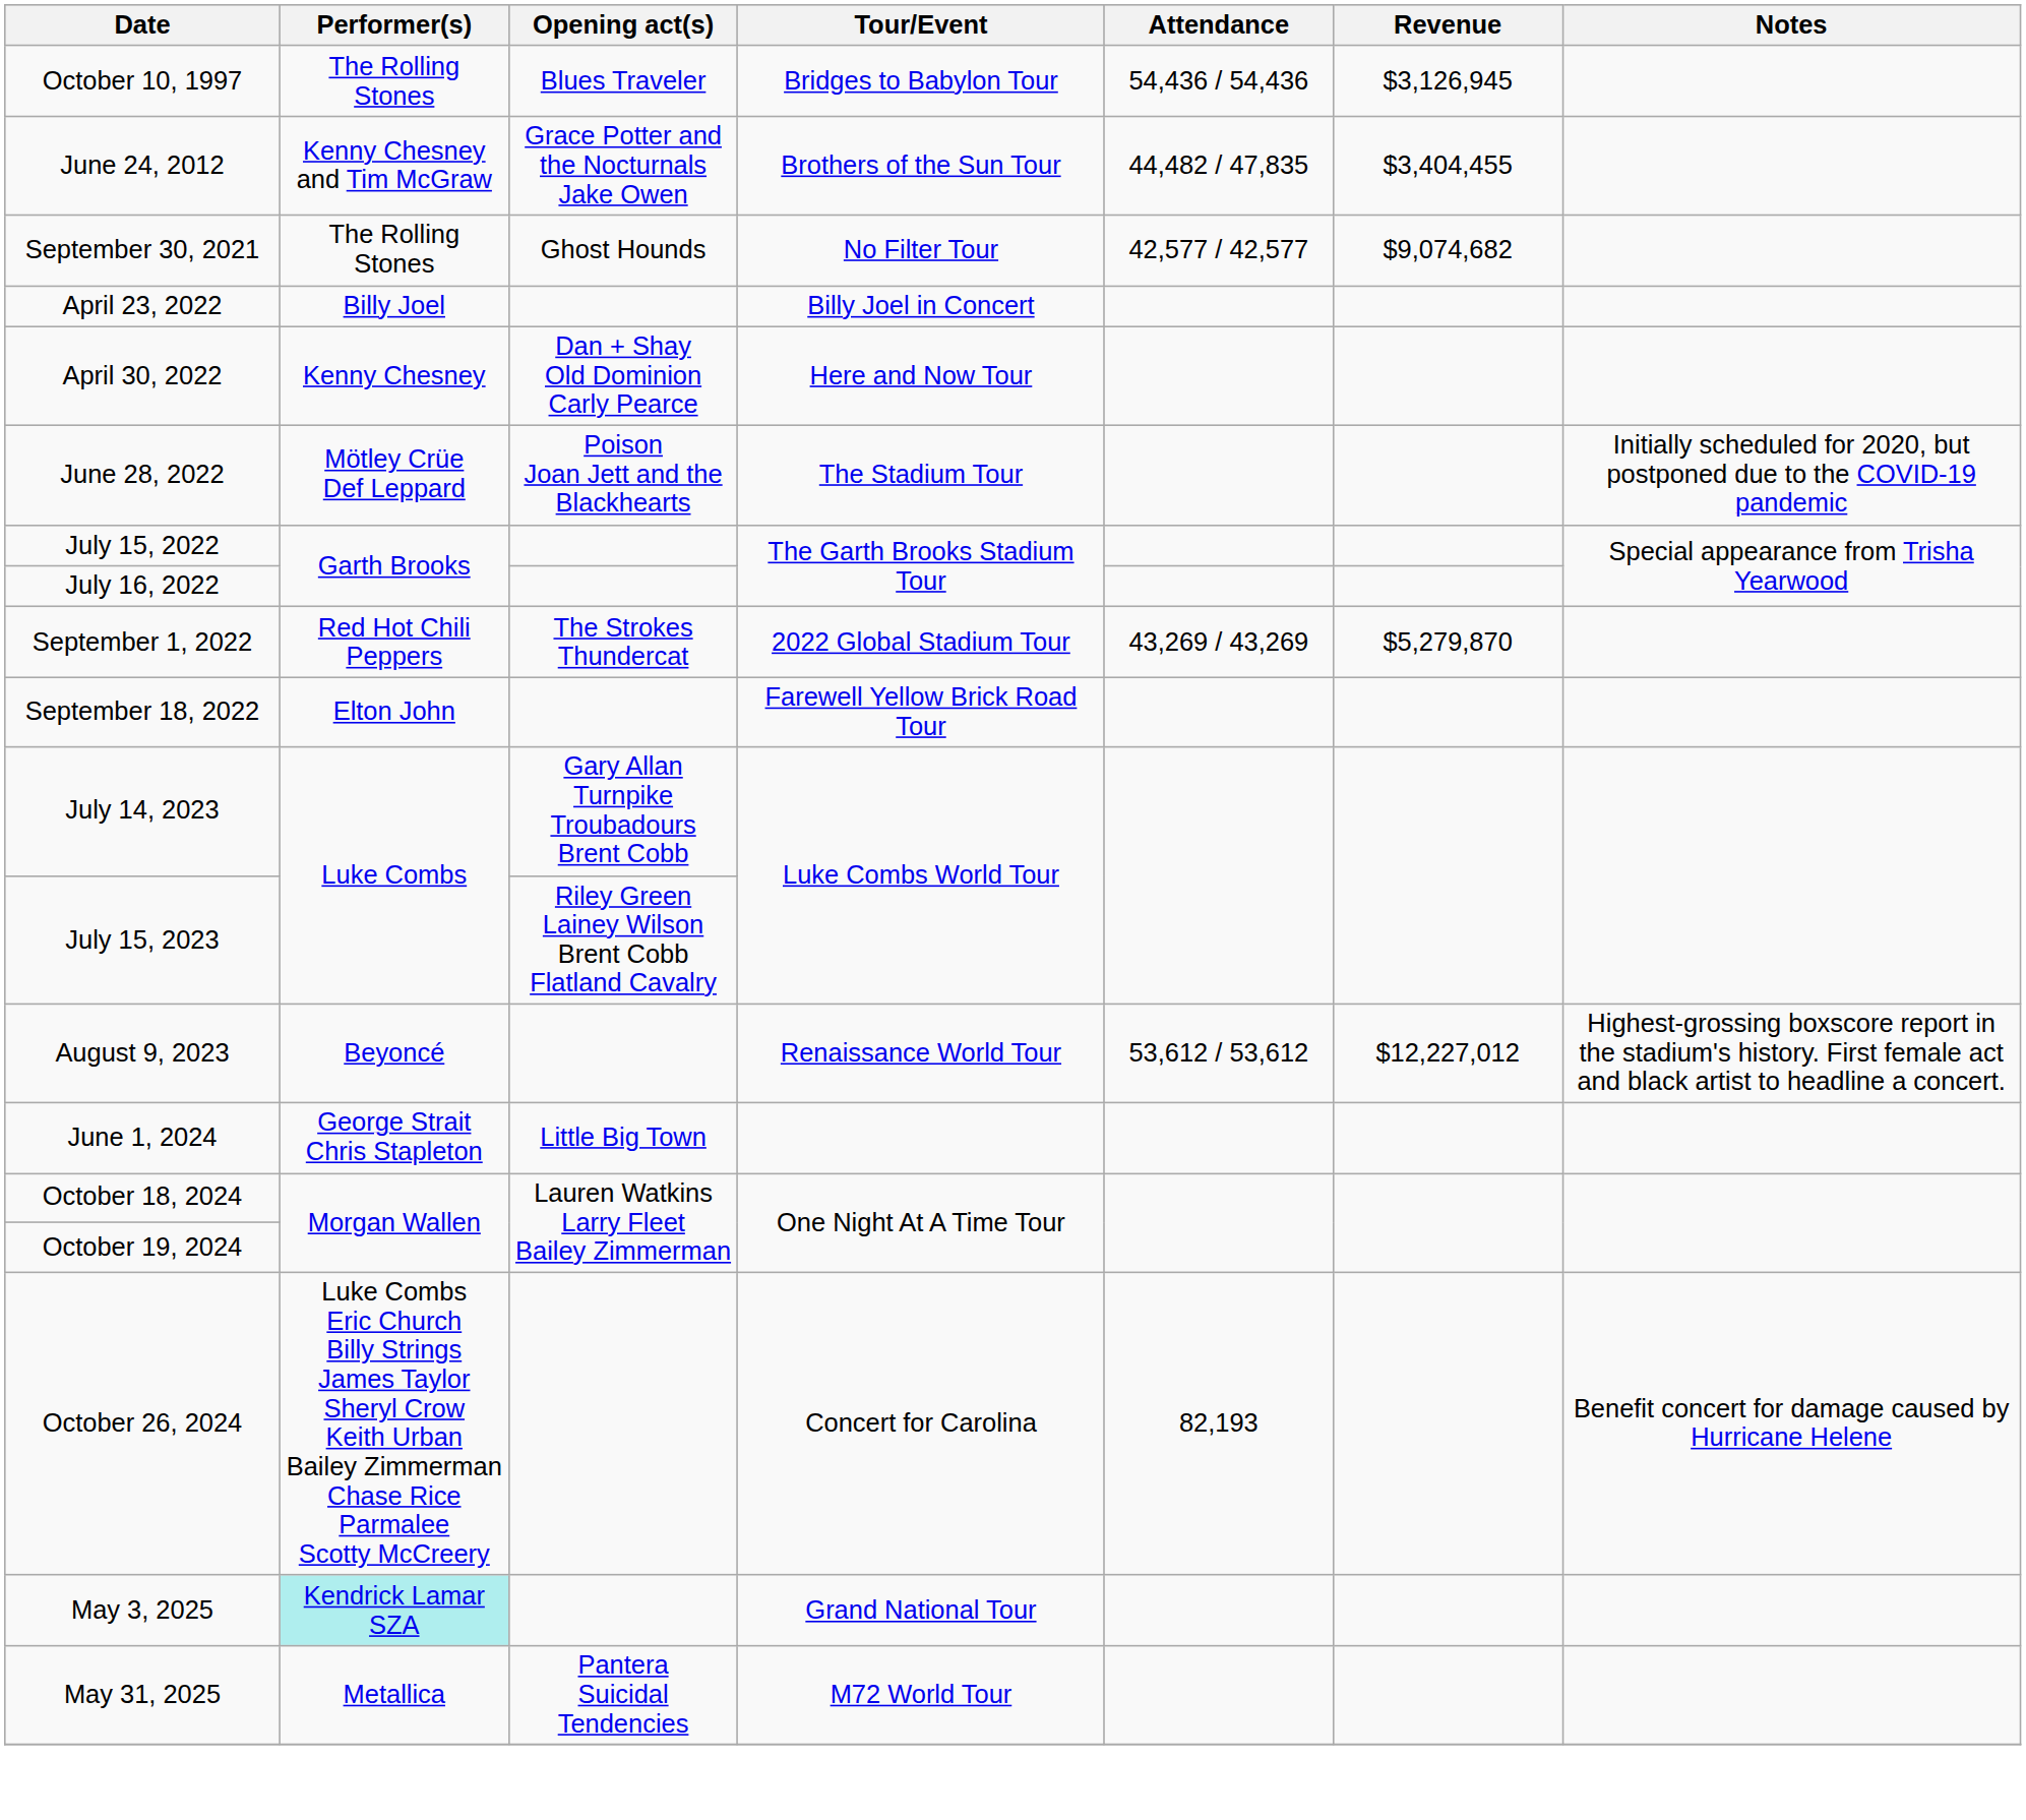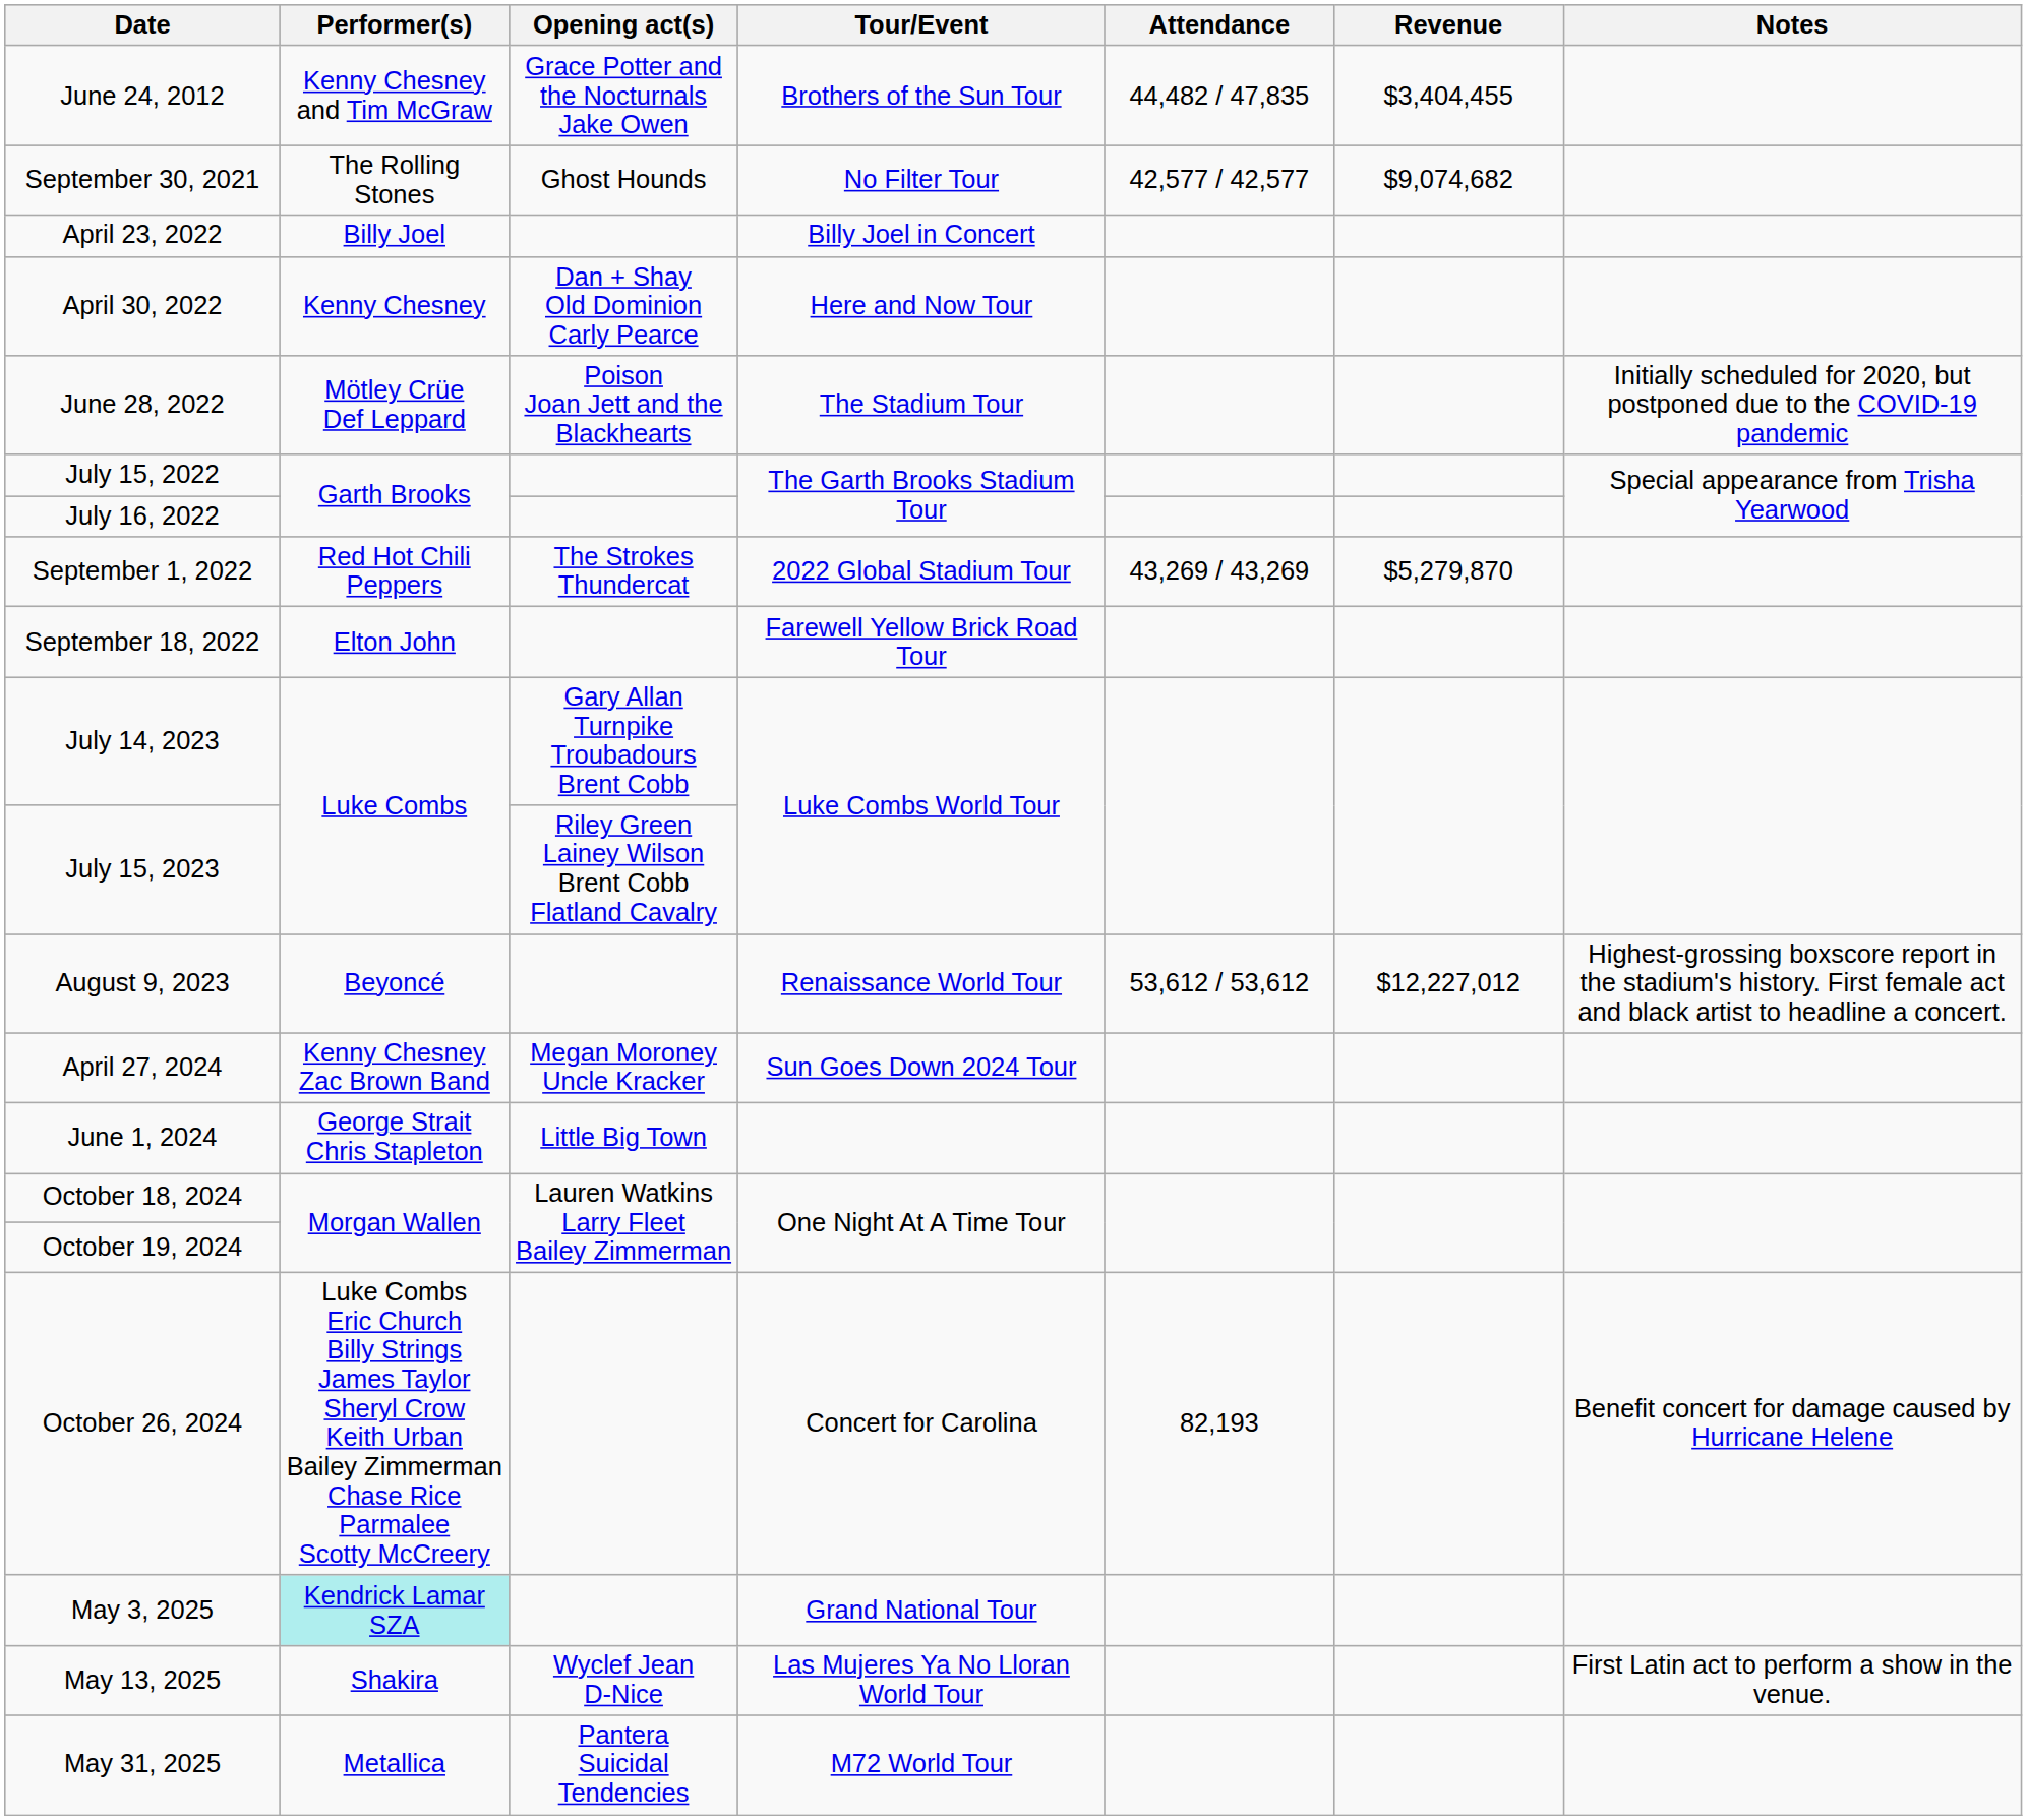 <table class="wikitable" style="text-align:center;">
 <tr>
 <th width=12% style="text-align:center;">Date</th>
 <th width=10% style="text-align:center;">Performer(s)</th>
 <th width=10% style="text-align:center;">Opening act(s)</th>
 <th width=16% style="text-align:center;">Tour/Event</th>
 <th width=10% style="text-align:center;">Attendance</th>
 <th width=10% style="text-align:center;">Revenue</th>
 <th width=20% style="text-align:center;">Notes</th>
-</tr>
-<tr>
-<td>October 10, 1997</td>
-<td><a href='#'>The Rolling Stones</a></td>
-<td><a href='#'>Blues Traveler</a></td>
-<td><a href='#'>Bridges to Babylon Tour</a></td>
-<td>54,436 / 54,436</td>
-<td>$3,126,945</td>
-<td></td>
 </tr>
 <tr>
 <td>June 24, 2012</td>
 <td><a href='#'>Kenny Chesney</a> and <a href='#'>Tim McGraw</a></td>
 <td><a href='#'>Grace Potter and the Nocturnals</a><br><a href='#'>Jake Owen</a></td>
 <td><a href='#'>Brothers of the Sun Tour</a></td>
 <td>44,482 / 47,835</td>
 <td>$3,404,455</td>
 <td></td>
 </tr>
 <tr>
 <td>September 30, 2021</td>
 <td>The Rolling Stones</td>
 <td>Ghost Hounds</td>
 <td><a href='#'>No Filter Tour</a></td>
 <td>42,577 / 42,577</td>
 <td>$9,074,682</td>
 <td></td>
 </tr>
 <tr>
 <td>April 23, 2022</td>
 <td><a href='#'>Billy Joel</a></td>
 <td></td>
 <td><a href='#'>Billy Joel in Concert</a></td>
 <td></td>
 <td></td>
 <td></td>
 </tr>
 <tr>
 <td>April 30, 2022</td>
 <td><a href='#'>Kenny Chesney</a></td>
 <td><a href='#'>Dan + Shay</a><br><a href='#'>Old Dominion</a><br><a href='#'>Carly Pearce</a></td>
 <td><a href='#'>Here and Now Tour</a></td>
 <td></td>
 <td></td>
 <td></td>
 </tr>
 <tr>
 <td>June 28, 2022</td>
 <td><a href='#'>Mötley Crüe</a><br><a href='#'>Def Leppard</a></td>
 <td><a href='#'>Poison</a><br><a href='#'>Joan Jett and the Blackhearts</a></td>
 <td><a href='#'>The Stadium Tour</a></td>
 <td></td>
 <td></td>
 <td>Initially scheduled for 2020, but postponed due to the <a href='#'>COVID-19 pandemic</a></td>
 </tr>
 <tr>
 <td>July 15, 2022</td>
 <td rowspan=2><a href='#'>Garth Brooks</a></td>
 <td></td>
 <td rowspan=2><a href='#'>The Garth Brooks Stadium Tour</a></td>
 <td></td>
 <td></td>
 <td rowspan=2>Special appearance from <a href='#'>Trisha Yearwood</a></td>
 </tr>
 <tr>
 <td>July 16, 2022</td>
 <td></td>
 <td></td>
 <td></td>
 </tr>
 <tr>
 <td>September 1, 2022</td>
 <td><a href='#'>Red Hot Chili Peppers</a></td>
 <td><a href='#'>The Strokes</a><br><a href='#'>Thundercat</a></td>
 <td><a href='#'>2022 Global Stadium Tour</a></td>
 <td>43,269 / 43,269</td>
 <td>$5,279,870</td>
 <td></td>
 </tr>
 <tr>
 <td>September 18, 2022</td>
 <td><a href='#'>Elton John</a></td>
 <td></td>
 <td><a href='#'>Farewell Yellow Brick Road Tour</a></td>
 <td></td>
 <td></td>
 <td></td>
 </tr>
 <tr>
 <td>July 14, 2023</td>
 <td rowspan=2><a href='#'>Luke Combs</a></td>
 <td><a href='#'>Gary Allan</a><br><a href='#'>Turnpike Troubadours</a><br><a href='#'>Brent Cobb</a></td>
 <td rowspan=2><a href='#'>Luke Combs World Tour</a></td>
 <td rowspan=2></td>
 <td rowspan=2></td>
 <td rowspan=2></td>
 </tr>
 <tr>
 <td>July 15, 2023</td>
 <td><a href='#'>Riley Green</a><br><a href='#'>Lainey Wilson</a><br>Brent Cobb<br><a href='#'>Flatland Cavalry</a></td>
 </tr>
 <tr>
 <td>August 9, 2023</td>
 <td><a href='#'>Beyoncé</a></td>
 <td></td>
 <td><a href='#'>Renaissance World Tour</a></td>
 <td>53,612 / 53,612</td>
 <td>$12,227,012</td>
 <td>Highest-grossing boxscore report in the stadium's history. First female act and black artist to headline a concert.</td>
 </tr>
 <tr>
+<td>April 27, 2024</td>
+<td><a href='#'>Kenny Chesney</a><br><a href='#'>Zac Brown Band</a></td>
+<td><a href='#'>Megan Moroney</a><br><a href='#'>Uncle Kracker</a></td>
+<td><a href='#'>Sun Goes Down 2024 Tour</a></td>
+<td></td>
+<td></td>
+<td></td>
+</tr>
+<tr>
 <td>June 1, 2024</td>
 <td><a href='#'>George Strait</a><br><a href='#'>Chris Stapleton</a></td>
 <td><a href='#'>Little Big Town</a></td>
 <td></td>
 <td></td>
 <td></td>
 <td></td>
 </tr>
 <tr>
 <td>October 18, 2024</td>
 <td rowspan=2><a href='#'>Morgan Wallen</a></td>
 <td rowspan=2>Lauren Watkins<br><a href='#'>Larry Fleet</a><br><a href='#'>Bailey Zimmerman</a></td>
 <td rowspan=2>One Night At A Time Tour</td>
 <td rowspan=2></td>
 <td rowspan=2></td>
 <td rowspan=2></td>
 </tr>
 <tr>
 <td>October 19, 2024</td>
 </tr>
 <tr>
 <td>October 26, 2024</td>
 <td>Luke Combs<br><a href='#'>Eric Church</a><br><a href='#'>Billy Strings</a><br><a href='#'>James Taylor</a><br><a href='#'>Sheryl Crow</a><br><a href='#'>Keith Urban</a><br>Bailey Zimmerman<br><a href='#'>Chase Rice</a><br><a href='#'>Parmalee</a><br><a href='#'>Scotty McCreery</a></td>
 <td></td>
 <td>Concert for Carolina</td>
 <td>82,193</td>
 <td></td>
 <td>Benefit concert for damage caused by <a href='#'>Hurricane Helene</a></td>
 </tr>
 <tr>
 <td>May 3, 2025</td>
 <td style="background: paleturquoise;"><a href='#'>Kendrick Lamar</a><br><a href='#'>SZA</a></td>
 <td></td>
 <td><a href='#'>Grand National Tour</a></td>
 <td></td>
 <td></td>
 <td></td>
 </tr>
 <tr>
+<td>May 13, 2025</td>
+<td><a href='#'>Shakira</a></td>
+<td><a href='#'>Wyclef Jean</a><br><a href='#'>D-Nice</a></td>
+<td><a href='#'>Las Mujeres Ya No Lloran World Tour</a></td>
+<td></td>
+<td></td>
+<td>First Latin act to perform a show in the venue.</td>
+</tr>
+<tr>
 <td>May 31, 2025</td>
 <td><a href='#'>Metallica</a></td>
 <td><a href='#'>Pantera</a><br><a href='#'>Suicidal Tendencies</a></td>
 <td><a href='#'>M72 World Tour</a></td>
 <td></td>
 <td></td>
 <td></td>
 </tr>
 <tr>
 </tr>
 </table>
